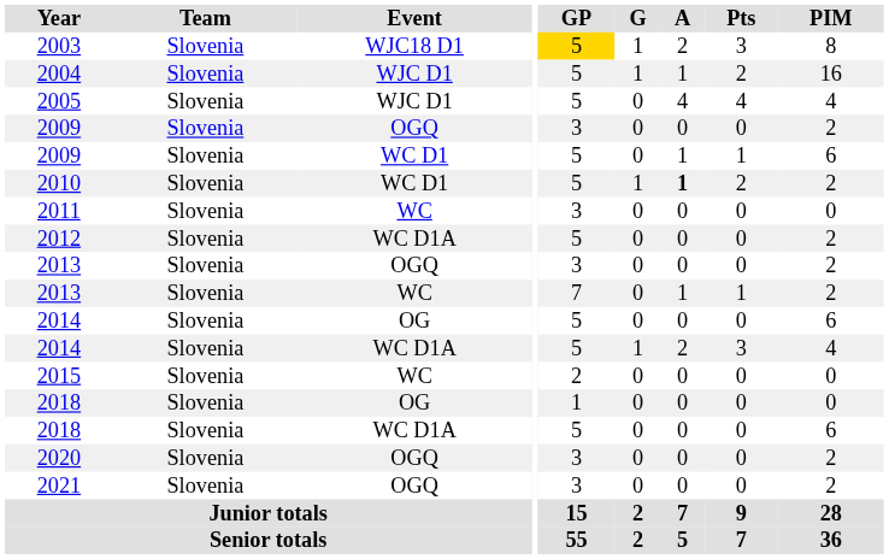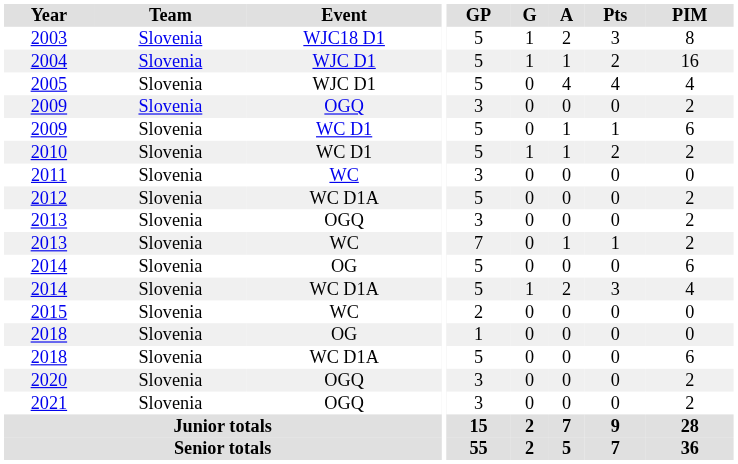 <table border="0" cellpadding="1" cellspacing="0" ID="Table3" style="text-align:center; width:40em">
 <tr ALIGN="center" bgcolor="#e0e0e0">
 <th>Year</th>
 <th>Team</th>
 <th>Event</th>
 <th rowspan="102" bgcolor="#ffffff"></th>
 <th>GP</th>
 <th>G</th>
 <th>A</th>
 <th>Pts</th>
 <th>PIM</th>
 </tr>
 <tr>
 <td><a href='#'>2003</a></td>
 <td><a href='#'>Slovenia</a></td>
 <td><a href='#'>WJC18 D1</a></td>
-<td style="background: gold;">5</td>
+<td>5</td>
 <td>1</td>
 <td>2</td>
 <td>3</td>
 <td>8</td>
 </tr>
 <tr bgcolor="#f0f0f0">
 <td><a href='#'>2004</a></td>
 <td><a href='#'>Slovenia</a></td>
 <td><a href='#'>WJC D1</a></td>
 <td>5</td>
 <td>1</td>
 <td>1</td>
 <td>2</td>
 <td>16</td>
 </tr>
 <tr>
 <td><a href='#'>2005</a></td>
 <td>Slovenia</td>
 <td>WJC D1</td>
 <td>5</td>
 <td>0</td>
 <td>4</td>
 <td>4</td>
 <td>4</td>
 </tr>
 <tr bgcolor="#f0f0f0">
 <td><a href='#'>2009</a></td>
 <td><a href='#'>Slovenia</a></td>
 <td><a href='#'>OGQ</a></td>
 <td>3</td>
 <td>0</td>
 <td>0</td>
 <td>0</td>
 <td>2</td>
 </tr>
 <tr>
 <td><a href='#'>2009</a></td>
 <td>Slovenia</td>
 <td><a href='#'>WC D1</a></td>
 <td>5</td>
 <td>0</td>
 <td>1</td>
 <td>1</td>
 <td>6</td>
 </tr>
 <tr bgcolor="#f0f0f0">
 <td><a href='#'>2010</a></td>
 <td>Slovenia</td>
 <td>WC D1</td>
 <td>5</td>
 <td>1</td>
-<td><strong>1</strong></td>
+<td>1</td>
 <td>2</td>
 <td>2</td>
 </tr>
 <tr>
 <td><a href='#'>2011</a></td>
 <td>Slovenia</td>
 <td><a href='#'>WC</a></td>
 <td>3</td>
 <td>0</td>
 <td>0</td>
 <td>0</td>
 <td>0</td>
 </tr>
 <tr bgcolor="#f0f0f0">
 <td><a href='#'>2012</a></td>
 <td>Slovenia</td>
 <td>WC D1A</td>
 <td>5</td>
 <td>0</td>
 <td>0</td>
 <td>0</td>
 <td>2</td>
 </tr>
 <tr>
 <td><a href='#'>2013</a></td>
 <td>Slovenia</td>
 <td>OGQ</td>
 <td>3</td>
 <td>0</td>
 <td>0</td>
 <td>0</td>
 <td>2</td>
 </tr>
 <tr bgcolor="#f0f0f0">
 <td><a href='#'>2013</a></td>
 <td>Slovenia</td>
 <td>WC</td>
 <td>7</td>
 <td>0</td>
 <td>1</td>
 <td>1</td>
 <td>2</td>
 </tr>
 <tr>
 <td><a href='#'>2014</a></td>
 <td>Slovenia</td>
 <td>OG</td>
 <td>5</td>
 <td>0</td>
 <td>0</td>
 <td>0</td>
 <td>6</td>
 </tr>
 <tr bgcolor="#f0f0f0">
 <td><a href='#'>2014</a></td>
 <td>Slovenia</td>
 <td>WC D1A</td>
 <td>5</td>
 <td>1</td>
 <td>2</td>
 <td>3</td>
 <td>4</td>
 </tr>
 <tr>
 <td><a href='#'>2015</a></td>
 <td>Slovenia</td>
 <td>WC</td>
 <td>2</td>
 <td>0</td>
 <td>0</td>
 <td>0</td>
 <td>0</td>
 </tr>
 <tr bgcolor="#f0f0f0">
 <td><a href='#'>2018</a></td>
 <td>Slovenia</td>
 <td>OG</td>
 <td>1</td>
 <td>0</td>
 <td>0</td>
 <td>0</td>
 <td>0</td>
 </tr>
 <tr>
 <td><a href='#'>2018</a></td>
 <td>Slovenia</td>
 <td>WC D1A</td>
 <td>5</td>
 <td>0</td>
 <td>0</td>
 <td>0</td>
 <td>6</td>
 </tr>
 <tr bgcolor="#f0f0f0">
 <td><a href='#'>2020</a></td>
 <td>Slovenia</td>
 <td>OGQ</td>
 <td>3</td>
 <td>0</td>
 <td>0</td>
 <td>0</td>
 <td>2</td>
 </tr>
 <tr>
 <td><a href='#'>2021</a></td>
 <td>Slovenia</td>
 <td>OGQ</td>
 <td>3</td>
 <td>0</td>
 <td>0</td>
 <td>0</td>
 <td>2</td>
 </tr>
 <tr bgcolor="#e0e0e0">
 <th colspan=3>Junior totals</th>
 <th>15</th>
 <th>2</th>
 <th>7</th>
 <th>9</th>
 <th>28</th>
 </tr>
 <tr bgcolor="#e0e0e0">
 <th colspan=3>Senior totals</th>
 <th>55</th>
 <th>2</th>
 <th>5</th>
 <th>7</th>
 <th>36</th>
 </tr>
 </table>
